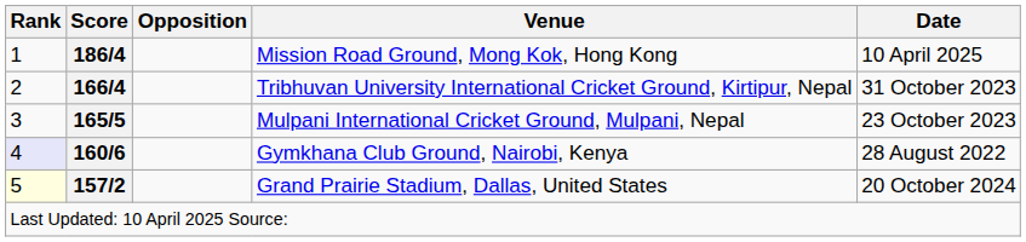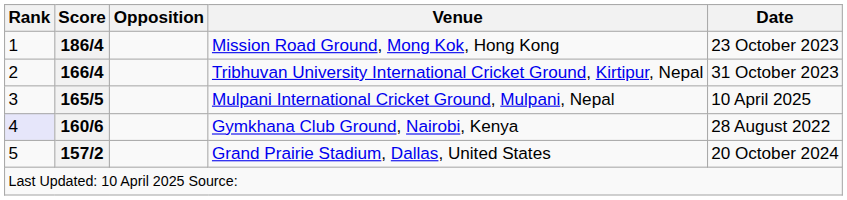 <table class="wikitable sortable">
 <tr>
 <th>Rank</th>
 <th>Score</th>
 <th>Opposition</th>
 <th>Venue</th>
 <th>Date</th>
 </tr>
 <tr>
 <td>1</td>
 <th>186/4</th>
 <td></td>
 <td><a href='#'>Mission Road Ground</a>, <a href='#'>Mong Kok</a>, Hong Kong</td>
-<td>10 April 2025</td>
+<td>23 October 2023</td>
 </tr>
 <tr>
 <td>2</td>
 <th>166/4</th>
 <td></td>
 <td><a href='#'>Tribhuvan University International Cricket Ground</a>, <a href='#'>Kirtipur</a>, Nepal</td>
 <td>31 October 2023</td>
 </tr>
 <tr>
 <td>3</td>
 <th>165/5</th>
 <td></td>
 <td><a href='#'>Mulpani International Cricket Ground</a>, <a href='#'>Mulpani</a>, Nepal</td>
-<td>23 October 2023</td>
+<td>10 April 2025</td>
 </tr>
 <tr>
 <td style="background: lavender;">4</td>
 <th>160/6</th>
 <td></td>
 <td><a href='#'>Gymkhana Club Ground</a>, <a href='#'>Nairobi</a>, Kenya</td>
 <td>28 August 2022</td>
 </tr>
 <tr>
-<td style="background: lightyellow;">5</td>
+<td>5</td>
 <th>157/2</th>
 <td></td>
 <td><a href='#'>Grand Prairie Stadium</a>, <a href='#'>Dallas</a>, United States</td>
 <td>20 October 2024</td>
 </tr>
 <tr>
 <td colspan="5"><small>Last Updated: 10 April 2025 Source:</small></td>
 </tr>
 </table>
